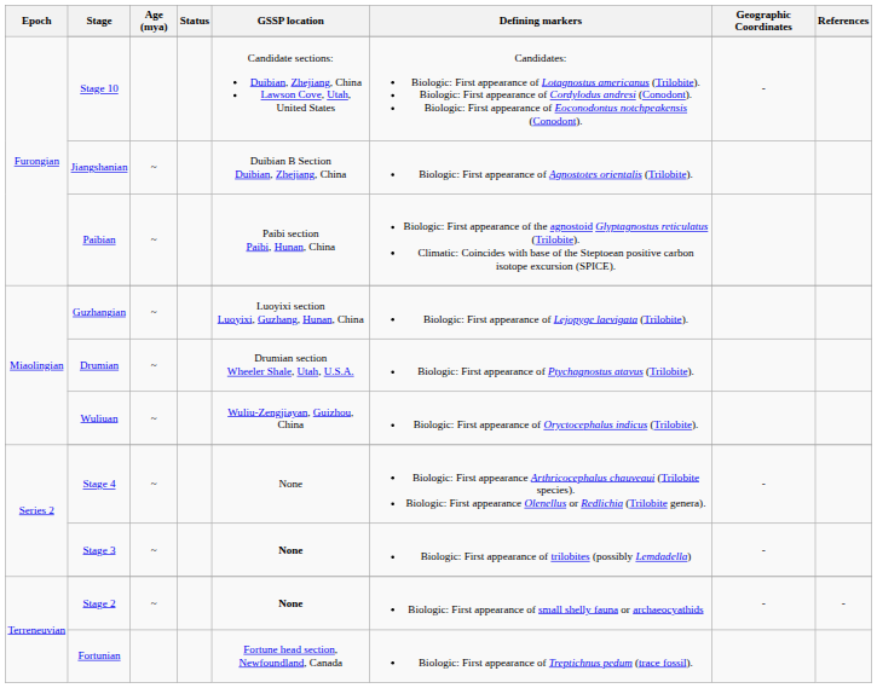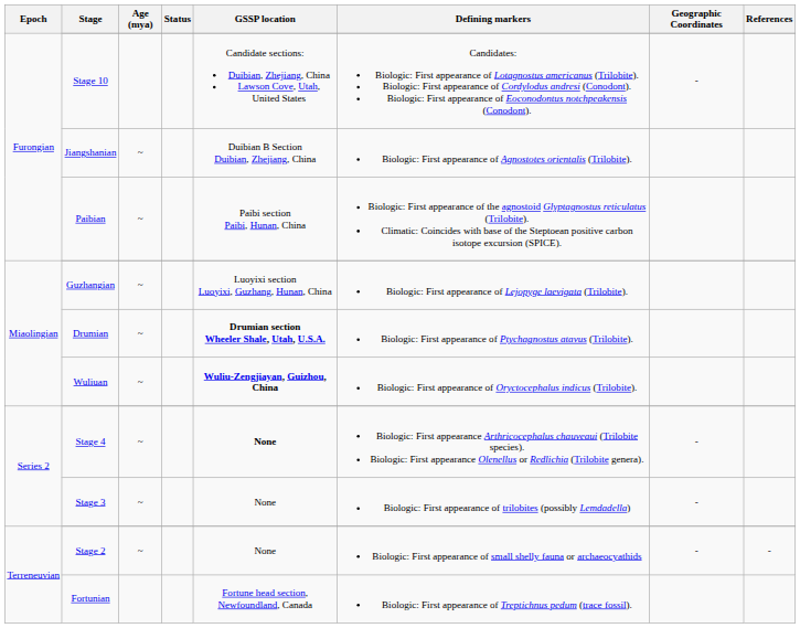 <table class="wikitable"  style="font-size:90%; width:90%; text-align:center;">
 <tr>
 <th style="width:75px;">Epoch</th>
 <th style="width:75px;">Stage</th>
 <th style="width:55px;">Age (mya)</th>
 <th style="width:15px;">Status</th>
 <th style="width:200px;">GSSP location</th>
 <th width="">Defining markers</th>
 <th width="">Geographic Coordinates</th>
 <th width="">References</th>
 </tr>
 <tr style="background:">
 <td rowspan="4"><a href='#'>Furongian</a></td>
 </tr>
 <tr style="background:">
 <td><a href='#'>Stage 10</a></td>
 <td></td>
 <td></td>
 <td>Candidate sections:<br><ul><li><a href='#'>Duibian</a>, <a href='#'>Zhejiang</a>, China</li><li><a href='#'>Lawson Cove</a>, <a href='#'>Utah</a>, United States</li></ul></td>
 <td><br>Candidates:<ul><li>Biologic: First appearance of <em><a href='#'>Lotagnostus americanus</a></em> (<a href='#'>Trilobite</a>).</li><li>Biologic: First appearance of <em><a href='#'>Cordylodus andresi</a></em> (<a href='#'>Conodont</a>).</li><li>Biologic: First appearance of <em><a href='#'>Eoconodontus notchpeakensis</a></em> (<a href='#'>Conodont</a>).</li></ul></td>
 <td>-</td>
 <td></td>
 </tr>
 <tr style="background:">
 <td><a href='#'>Jiangshanian</a></td>
 <td>~</td>
 <td></td>
 <td>Duibian B Section<br><a href='#'>Duibian</a>, <a href='#'>Zhejiang</a>, China</td>
 <td><br><ul><li>Biologic: First appearance of <em><a href='#'>Agnostotes orientalis</a></em> (<a href='#'>Trilobite</a>).</li></ul></td>
 <td></td>
 <td></td>
 </tr>
 <tr style="background:">
 <td><a href='#'>Paibian</a></td>
 <td>~</td>
 <td></td>
 <td>Paibi section<br><a href='#'>Paibi</a>, <a href='#'>Hunan</a>, China</td>
 <td><br><ul><li>Biologic: First appearance of the <a href='#'>agnostoid</a> <em><a href='#'>Glyptagnostus reticulatus</a></em> (<a href='#'>Trilobite</a>).</li><li>Climatic: Coincides with base of the Steptoean positive carbon isotope excursion (SPICE).</li></ul></td>
 <td></td>
 <td></td>
 </tr>
 <tr style="background:">
 <td rowspan="4"><a href='#'>Miaolingian</a></td>
 </tr>
 <tr style="background:">
 <td><a href='#'>Guzhangian</a></td>
 <td>~</td>
 <td></td>
 <td>Luoyixi section<br><a href='#'>Luoyixi</a>, <a href='#'>Guzhang</a>, <a href='#'>Hunan</a>, China</td>
 <td><br><ul><li>Biologic: First appearance of <em><a href='#'>Lejopyge laevigata</a></em> (<a href='#'>Trilobite</a>).</li></ul></td>
 <td></td>
 <td></td>
 </tr>
 <tr style="background:">
 <td><a href='#'>Drumian</a></td>
 <td>~</td>
 <td></td>
-<td>Drumian section<br><a href='#'>Wheeler Shale</a>, <a href='#'>Utah</a>, <a href='#'>U.S.A.</a></td>
+<td><strong>Drumian section<br><a href='#'>Wheeler Shale</a>, <a href='#'>Utah</a>, <a href='#'>U.S.A.</a></strong></td>
 <td><br><ul><li>Biologic: First appearance of <em><a href='#'>Ptychagnostus atavus</a></em> (<a href='#'>Trilobite</a>).</li></ul></td>
 <td></td>
 <td></td>
 </tr>
 <tr style="background:">
 <td><a href='#'>Wuliuan</a></td>
 <td>~</td>
 <td></td>
-<td><a href='#'>Wuliu-Zengjiayan</a>, <a href='#'>Guizhou</a>, China</td>
+<td><strong><a href='#'>Wuliu-Zengjiayan</a>, <a href='#'>Guizhou</a>, China</strong></td>
 <td><br><ul><li>Biologic: First appearance of <em><a href='#'>Oryctocephalus indicus</a></em> (<a href='#'>Trilobite</a>).</li></ul></td>
 <td></td>
 <td></td>
 </tr>
 <tr style="background:">
 <td rowspan="3"><a href='#'>Series 2</a></td>
 </tr>
 <tr style="background:">
 <td><a href='#'>Stage 4</a></td>
 <td>~</td>
 <td></td>
-<td>None</td>
+<td><strong>None</strong></td>
 <td><br><ul><li>Biologic: First appearance <em><a href='#'>Arthricocephalus chauveaui</a></em> (<a href='#'>Trilobite</a> species).</li><li>Biologic: First appearance <em><a href='#'>Olenellus</a></em> or <em><a href='#'>Redlichia</a></em> (<a href='#'>Trilobite</a> genera).</li></ul></td>
 <td>-</td>
 <td></td>
 </tr>
 <tr style="background:">
 <td><a href='#'>Stage 3</a></td>
 <td>~</td>
 <td></td>
-<td><strong>None</strong></td>
+<td>None</td>
 <td><br><ul><li>Biologic: First appearance of <a href='#'>trilobites</a> (possibly <em><a href='#'>Lemdadella</a></em>)</li></ul></td>
 <td>-</td>
 <td></td>
 </tr>
 <tr style="background:">
 <td rowspan="3"><a href='#'>Terreneuvian</a></td>
 </tr>
 <tr style="background:">
 <td><a href='#'>Stage 2</a></td>
 <td>~</td>
 <td></td>
-<td><strong>None</strong></td>
+<td>None</td>
 <td><br><ul><li>Biologic: First appearance of <a href='#'>small shelly fauna</a> or <a href='#'>archaeocyathids</a></li></ul></td>
 <td>-</td>
 <td>-</td>
 </tr>
 <tr style="background:">
 <td><a href='#'>Fortunian</a></td>
 <td></td>
 <td></td>
 <td><a href='#'>Fortune head section</a>,<br><a href='#'>Newfoundland</a>, Canada</td>
 <td><br><ul><li>Biologic: First appearance of <em><a href='#'>Treptichnus pedum</a></em> (<a href='#'>trace fossil</a>).</li></ul></td>
 <td></td>
 <td></td>
 </tr>
 </table>
